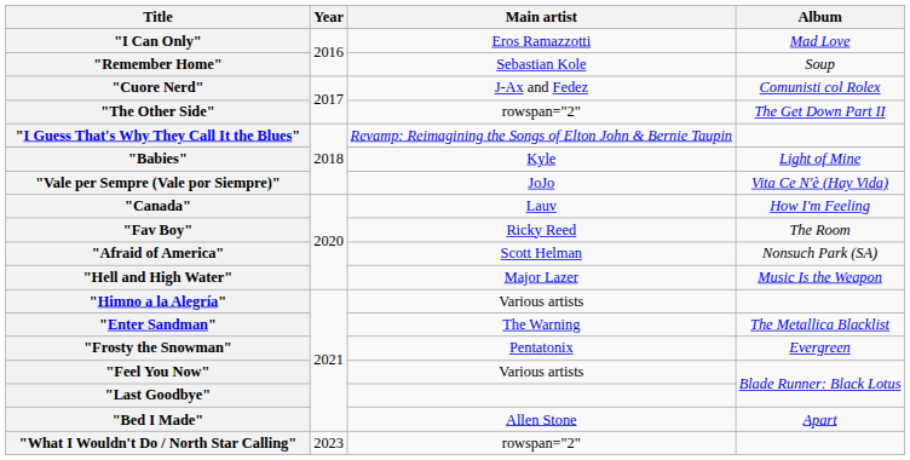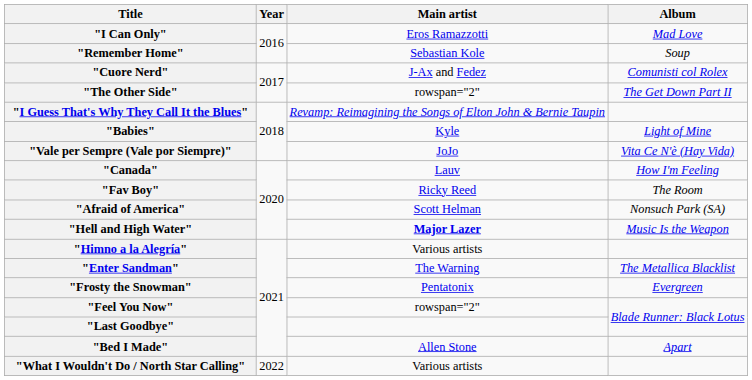 <table class="wikitable plainrowheaders" style="text-align:center;">
 <tr>
 <th scope="col" style="width:20em;">Title</th>
 <th scope="col" style="width:1em;">Year</th>
 <th scope="col">Main artist</th>
 <th scope="col">Album</th>
 </tr>
 <tr>
 <th scope="row">"I Can Only"</th>
 <td rowspan="2">2016</td>
 <td><a href='#'>Eros Ramazzotti</a></td>
 <td><em><a href='#'>Mad Love</a></em></td>
 </tr>
 <tr>
 <th scope="row">"Remember Home"</th>
 <td><a href='#'>Sebastian Kole</a></td>
 <td><em>Soup</em></td>
 </tr>
 <tr>
 <th scope="row">"Cuore Nerd"</th>
 <td rowspan="2">2017</td>
 <td><a href='#'>J-Ax</a> and <a href='#'>Fedez</a></td>
 <td><em><a href='#'>Comunisti col Rolex</a></em></td>
 </tr>
 <tr>
 <th scope="row">"The Other Side"</th>
 <td>rowspan="2" </td>
 <td><em><a href='#'>The Get Down Part II</a></em></td>
 </tr>
 <tr>
 <th scope="row">"<a href='#'>I Guess That's Why They Call It the Blues</a>"</th>
 <td rowspan="3">2018</td>
 <td><em><a href='#'>Revamp: Reimagining the Songs of Elton John & Bernie Taupin</a></em></td>
 </tr>
 <tr>
 <th scope="row">"Babies"</th>
 <td><a href='#'>Kyle</a></td>
 <td><em><a href='#'>Light of Mine</a></em></td>
 </tr>
 <tr>
 <th scope="row">"Vale per Sempre (Vale por Siempre)"</th>
 <td><a href='#'>JoJo</a></td>
 <td><em><a href='#'>Vita Ce N'è (Hay Vida)</a></em></td>
 </tr>
 <tr>
 <th scope="row">"Canada"</th>
 <td rowspan="4">2020</td>
 <td><a href='#'>Lauv</a></td>
 <td><em><a href='#'>How I'm Feeling</a></em></td>
 </tr>
 <tr>
 <th scope="row">"Fav Boy"</th>
 <td><a href='#'>Ricky Reed</a></td>
 <td><em>The Room</em></td>
 </tr>
 <tr>
 <th scope="row">"Afraid of America"</th>
 <td><a href='#'>Scott Helman</a></td>
 <td><em>Nonsuch Park (SA)</em></td>
 </tr>
 <tr>
 <th scope="row">"Hell and High Water"</th>
-<td><a href='#'>Major Lazer</a></td>
+<td><strong><a href='#'>Major Lazer</a></strong></td>
 <td><em><a href='#'>Music Is the Weapon</a></em></td>
 </tr>
 <tr>
 <th scope="row">"<a href='#'>Himno a la Alegría</a>"</th>
 <td rowspan="6">2021</td>
 <td>Various artists</td>
 <td></td>
 </tr>
 <tr>
 <th scope="row">"<a href='#'>Enter Sandman</a>"</th>
 <td><a href='#'>The Warning</a></td>
 <td><em><a href='#'>The Metallica Blacklist</a></em></td>
 </tr>
 <tr>
 <th scope="row">"Frosty the Snowman"</th>
 <td><a href='#'>Pentatonix</a></td>
 <td><em><a href='#'>Evergreen</a></em></td>
 </tr>
 <tr>
 <th scope="row">"Feel You Now"</th>
-<td>Various artists</td>
+<td>rowspan="2" </td>
 <td rowspan="2"><em><a href='#'>Blade Runner: Black Lotus</a></em></td>
 </tr>
 <tr>
 <th scope="row">"Last Goodbye"</th>
 </tr>
 <tr>
 <th scope="row">"Bed I Made"</th>
 <td><a href='#'>Allen Stone</a></td>
 <td><em><a href='#'>Apart</a></em></td>
 </tr>
 <tr>
 <th scope="row">"What I Wouldn't Do / North Star Calling"</th>
-<td>2023</td>
-<td>rowspan="2" </td>
+<td>2022</td>
+<td>Various artists</td>
 <td></td>
 </tr>
 </table>
